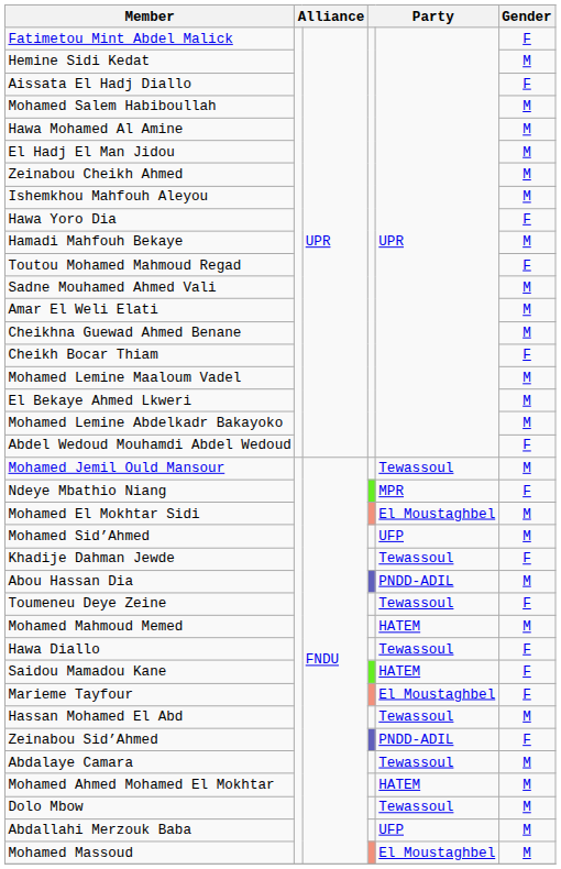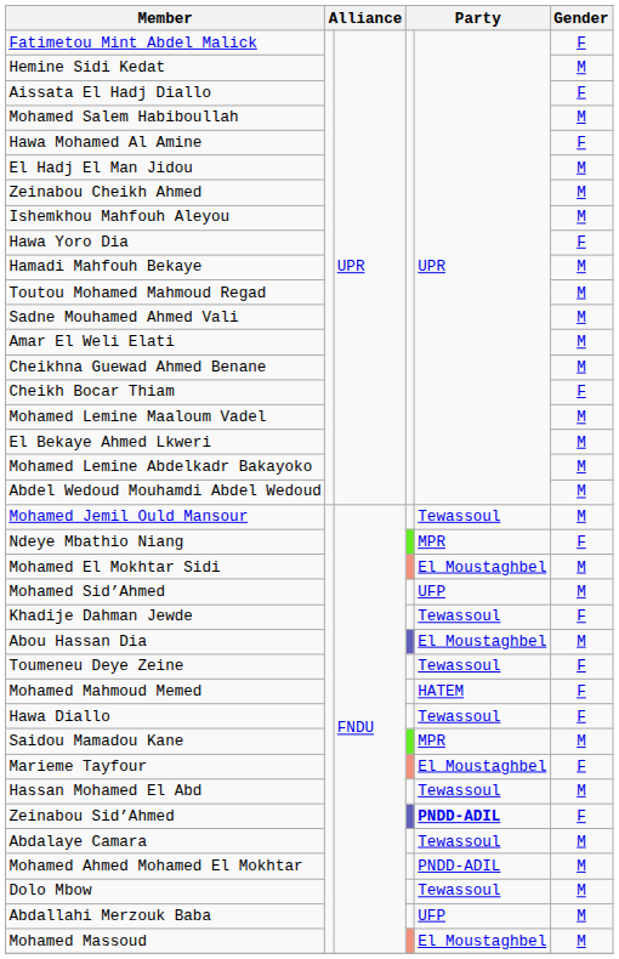 <table class="wikitable sortable">
 <tr valign=bottom>
 <th>Member</th>
 <th colspan="2">Alliance</th>
 <th colspan="2">Party</th>
 <th>Gender</th>
 </tr>
 <tr>
 <td><a href='#'>Fatimetou Mint Abdel Malick</a></td>
 <td rowspan="19" width="1"></td>
 <td rowspan="19"><a href='#'>UPR</a></td>
 <td rowspan="19" width="1"></td>
 <td rowspan="19"><a href='#'>UPR</a></td>
 <td align="center"><a href='#'>F</a></td>
 </tr>
 <tr>
 <td>Hemine Sidi Kedat</td>
 <td align="center"><a href='#'>M</a></td>
 </tr>
 <tr>
 <td>Aissata El Hadj Diallo</td>
 <td align="center"><a href='#'>F</a></td>
 </tr>
 <tr>
 <td>Mohamed Salem Habiboullah</td>
 <td align="center"><a href='#'>M</a></td>
 </tr>
 <tr>
 <td>Hawa Mohamed Al Amine</td>
-<td align="center"><a href='#'>M</a></td>
+<td align="center"><a href='#'>F</a></td>
 </tr>
 <tr>
 <td>El Hadj El Man Jidou</td>
 <td align="center"><a href='#'>M</a></td>
 </tr>
 <tr>
 <td>Zeinabou Cheikh Ahmed</td>
 <td align="center"><a href='#'>M</a></td>
 </tr>
 <tr>
 <td>Ishemkhou Mahfouh Aleyou</td>
 <td align="center"><a href='#'>M</a></td>
 </tr>
 <tr>
 <td>Hawa Yoro Dia</td>
 <td align="center"><a href='#'>F</a></td>
 </tr>
 <tr>
 <td>Hamadi Mahfouh Bekaye</td>
 <td align="center"><a href='#'>M</a></td>
 </tr>
 <tr>
 <td>Toutou Mohamed Mahmoud Regad</td>
-<td align="center"><a href='#'>F</a></td>
+<td align="center"><a href='#'>M</a></td>
 </tr>
 <tr>
 <td>Sadne Mouhamed Ahmed Vali</td>
 <td align="center"><a href='#'>M</a></td>
 </tr>
 <tr>
 <td>Amar El Weli Elati</td>
 <td align="center"><a href='#'>M</a></td>
 </tr>
 <tr>
 <td>Cheikhna Guewad Ahmed Benane</td>
 <td align="center"><a href='#'>M</a></td>
 </tr>
 <tr>
 <td>Cheikh Bocar Thiam</td>
 <td align="center"><a href='#'>F</a></td>
 </tr>
 <tr>
 <td>Mohamed Lemine Maaloum Vadel</td>
 <td align="center"><a href='#'>M</a></td>
 </tr>
 <tr>
 <td>El Bekaye Ahmed Lkweri</td>
 <td align="center"><a href='#'>M</a></td>
 </tr>
 <tr>
 <td>Mohamed Lemine Abdelkadr Bakayoko</td>
 <td align="center"><a href='#'>M</a></td>
 </tr>
 <tr>
 <td>Abdel Wedoud Mouhamdi Abdel Wedoud</td>
-<td align="center"><a href='#'>F</a></td>
+<td align="center"><a href='#'>M</a></td>
 </tr>
 <tr>
 <td><a href='#'>Mohamed Jemil Ould Mansour</a></td>
 <td rowspan="18" width="1"></td>
 <td rowspan="18"><a href='#'>FNDU</a></td>
 <td width="1"></td>
 <td><a href='#'>Tewassoul</a></td>
 <td align="center"><a href='#'>M</a></td>
 </tr>
 <tr>
 <td>Ndeye Mbathio Niang</td>
 <td width="1" bgcolor="#64EF20"></td>
 <td><a href='#'>MPR</a></td>
 <td align="center"><a href='#'>F</a></td>
 </tr>
 <tr>
 <td>Mohamed El Mokhtar Sidi</td>
 <td width="1" bgcolor="#F3907B"></td>
 <td><a href='#'>El Moustaghbel</a></td>
 <td align="center"><a href='#'>M</a></td>
 </tr>
 <tr>
 <td>Mohamed Sid’Ahmed</td>
 <td width="1"></td>
 <td><a href='#'>UFP</a></td>
 <td align="center"><a href='#'>M</a></td>
 </tr>
 <tr>
 <td>Khadije Dahman Jewde</td>
 <td width="1"></td>
 <td><a href='#'>Tewassoul</a></td>
 <td align="center"><a href='#'>F</a></td>
 </tr>
 <tr>
 <td>Abou Hassan Dia</td>
 <td width="1" bgcolor="#605FBC"></td>
-<td><a href='#'>PNDD-ADIL</a></td>
+<td><a href='#'>El Moustaghbel</a></td>
 <td align="center"><a href='#'>M</a></td>
 </tr>
 <tr>
 <td>Toumeneu Deye Zeine</td>
 <td width="1"></td>
 <td><a href='#'>Tewassoul</a></td>
 <td align="center"><a href='#'>F</a></td>
 </tr>
 <tr>
 <td>Mohamed Mahmoud Memed</td>
 <td width="1"></td>
 <td><a href='#'>HATEM</a></td>
-<td align="center"><a href='#'>M</a></td>
+<td align="center"><a href='#'>F</a></td>
 </tr>
 <tr>
 <td>Hawa Diallo</td>
 <td width="1"></td>
 <td><a href='#'>Tewassoul</a></td>
 <td align="center"><a href='#'>F</a></td>
 </tr>
 <tr>
 <td>Saidou Mamadou Kane</td>
 <td width="1" bgcolor="#64EF20"></td>
-<td><a href='#'>HATEM</a></td>
-<td align="center"><a href='#'>F</a></td>
+<td><a href='#'>MPR</a></td>
+<td align="center"><a href='#'>M</a></td>
 </tr>
 <tr>
 <td>Marieme Tayfour</td>
 <td width="1" bgcolor="#F3907B"></td>
 <td><a href='#'>El Moustaghbel</a></td>
 <td align="center"><a href='#'>F</a></td>
 </tr>
 <tr>
 <td>Hassan Mohamed El Abd</td>
 <td width="1"></td>
 <td><a href='#'>Tewassoul</a></td>
 <td align="center"><a href='#'>M</a></td>
 </tr>
 <tr>
 <td>Zeinabou Sid’Ahmed</td>
 <td width="1" bgcolor="#605FBC"></td>
-<td><a href='#'>PNDD-ADIL</a></td>
+<td><strong><a href='#'>PNDD-ADIL</a></strong></td>
 <td align="center"><a href='#'>F</a></td>
 </tr>
 <tr>
 <td>Abdalaye Camara</td>
 <td width="1"></td>
 <td><a href='#'>Tewassoul</a></td>
 <td align="center"><a href='#'>M</a></td>
 </tr>
 <tr>
 <td>Mohamed Ahmed Mohamed El Mokhtar</td>
 <td width="1"></td>
-<td><a href='#'>HATEM</a></td>
+<td><a href='#'>PNDD-ADIL</a></td>
 <td align="center"><a href='#'>M</a></td>
 </tr>
 <tr>
 <td>Dolo Mbow</td>
 <td width="1"></td>
 <td><a href='#'>Tewassoul</a></td>
 <td align="center"><a href='#'>M</a></td>
 </tr>
 <tr>
 <td>Abdallahi Merzouk Baba</td>
 <td width="1"></td>
 <td><a href='#'>UFP</a></td>
 <td align="center"><a href='#'>M</a></td>
 </tr>
 <tr>
 <td>Mohamed Massoud</td>
 <td width="1" bgcolor="#F3907B"></td>
 <td><a href='#'>El Moustaghbel</a></td>
 <td align="center"><a href='#'>M</a></td>
 </tr>
 <tr>
 </tr>
 </table>
